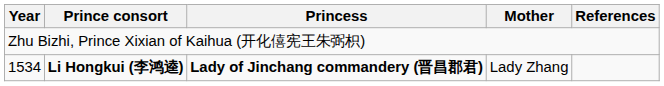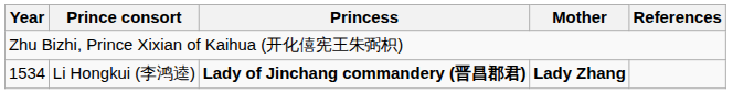 <table class="wikitable">
 <tr>
 <th>Year</th>
 <th>Prince consort</th>
 <th>Princess</th>
 <th>Mother</th>
 <th>References</th>
 </tr>
 <tr>
 <td colspan="5">Zhu Bizhi, Prince Xixian of Kaihua (开化僖宪王朱弼枳)</td>
 </tr>
 <tr>
 <td>1534</td>
-<td><strong>Li Hongkui (李鸿逵)</strong></td>
+<td>Li Hongkui (李鸿逵)</td>
 <td><strong>Lady of Jinchang commandery (晋昌郡君)</strong></td>
-<td>Lady Zhang</td>
+<td><strong>Lady Zhang</strong></td>
 <td></td>
 </tr>
 </table>
